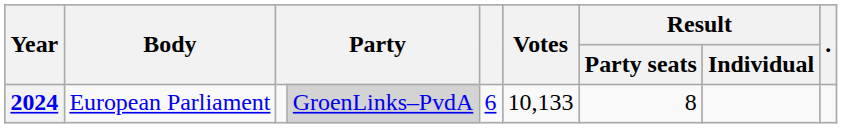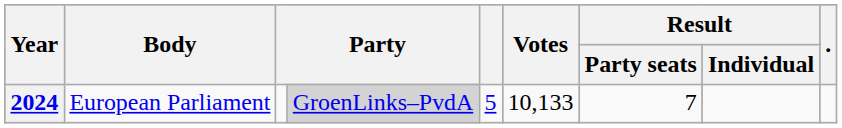 <table class="wikitable plainrowheaders sortable" border=2 cellpadding=4 cellspacing=0 style="border: 1px #aaa solid; font-size: 90%; text-align:center;">
 <tr>
 <th scope="col" rowspan=2>Year</th>
 <th scope="col" rowspan=2>Body</th>
 <th scope="col" colspan=2 rowspan=2>Party</th>
 <th scope="col" rowspan=2></th>
 <th scope="col" rowspan=2>Votes</th>
 <th scope="colgroup" colspan=2>Result</th>
 <th scope="col" rowspan=2>.</th>
 </tr>
 <tr>
 <th scope="col">Party seats</th>
 <th scope="col">Individual</th>
 </tr>
 <tr>
 <th scope="row"><a href='#'>2024</a></th>
 <td><a href='#'>European Parliament</a></td>
 <td style="background-color:"></td>
 <td style="background: lightgrey;"><a href='#'>GroenLinks–PvdA</a></td>
-<td style=text-align:right><a href='#'>6</a></td>
+<td style=text-align:right><a href='#'>5</a></td>
 <td style=text-align:right>10,133</td>
-<td style=text-align:right>8</td>
+<td style=text-align:right>7</td>
 <td></td>
 <td></td>
 </tr>
 </table>
